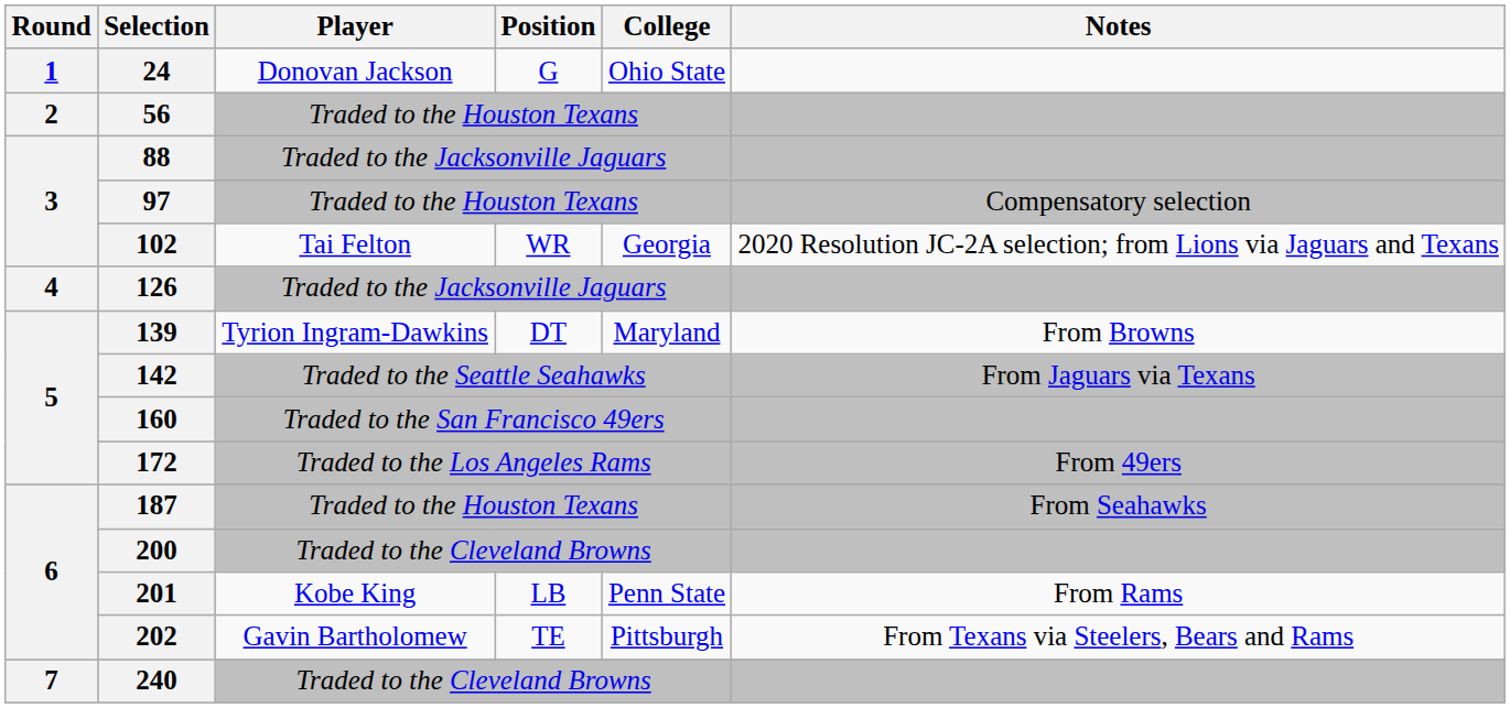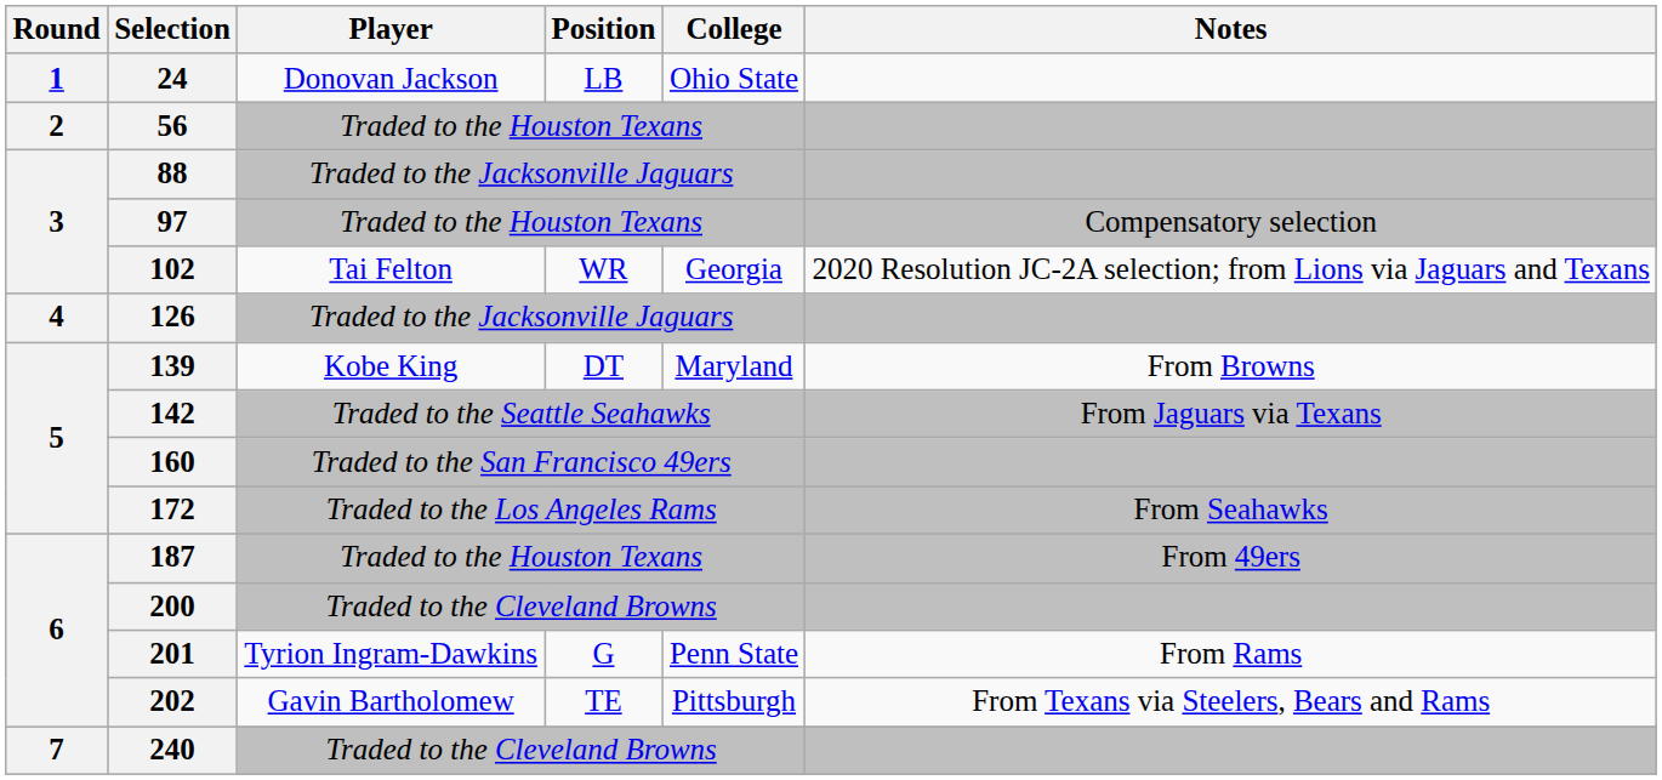 <table class="wikitable" style="text-align:center">
 <tr>
 <th>Round</th>
 <th>Selection</th>
 <th>Player</th>
 <th>Position</th>
 <th>College</th>
 <th>Notes</th>
 </tr>
 <tr>
 <th><a href='#'>1</a></th>
 <th>24</th>
 <td><a href='#'>Donovan Jackson</a></td>
-<td><a href='#'>G</a></td>
+<td><a href='#'>LB</a></td>
 <td><a href='#'>Ohio State</a></td>
 <td></td>
 </tr>
 <tr>
 <th>2</th>
 <th>56</th>
 <td colspan="3" style="background:#BFBFBF"><em>Traded to the <a href='#'>Houston Texans</a></em></td>
 <td style="background:#BFBFBF"></td>
 </tr>
 <tr>
 <th rowspan="3">3</th>
 <th>88</th>
 <td colspan="3" style="background:#BFBFBF"><em>Traded to the <a href='#'>Jacksonville Jaguars</a></em></td>
 <td style="background:#BFBFBF"></td>
 </tr>
 <tr>
 <th>97</th>
 <td colspan="3" style="background:#BFBFBF"><em>Traded to the <a href='#'>Houston Texans</a></em></td>
 <td style="background:#BFBFBF">Compensatory selection</td>
 </tr>
 <tr>
 <th>102</th>
 <td><a href='#'>Tai Felton</a></td>
 <td><a href='#'>WR</a></td>
 <td><a href='#'>Georgia</a></td>
 <td>2020 Resolution JC-2A selection; from <a href='#'>Lions</a> via <a href='#'>Jaguars</a> and <a href='#'>Texans</a></td>
 </tr>
 <tr>
 <th>4</th>
 <th>126</th>
 <td colspan="3" style="background:#BFBFBF"><em>Traded to the <a href='#'>Jacksonville Jaguars</a></em></td>
 <td style="background:#BFBFBF"></td>
 </tr>
 <tr>
 <th rowspan="4">5</th>
 <th>139</th>
-<td><a href='#'>Tyrion Ingram-Dawkins</a></td>
+<td><a href='#'>Kobe King</a></td>
 <td><a href='#'>DT</a></td>
 <td><a href='#'>Maryland</a></td>
 <td>From <a href='#'>Browns</a></td>
 </tr>
 <tr>
 <th>142</th>
 <td colspan="3" style="background:#BFBFBF"><em>Traded to the <a href='#'>Seattle Seahawks</a></em></td>
 <td style="background:#BFBFBF">From <a href='#'>Jaguars</a> via <a href='#'>Texans</a></td>
 </tr>
 <tr>
 <th>160</th>
 <td colspan="3" style="background:#BFBFBF"><em>Traded to the <a href='#'>San Francisco 49ers</a></em></td>
 <td style="background:#BFBFBF"></td>
 </tr>
 <tr>
 <th>172</th>
 <td colspan="3" style="background:#BFBFBF"><em>Traded to the <a href='#'>Los Angeles Rams</a></em></td>
-<td style="background:#BFBFBF">From <a href='#'>49ers</a></td>
+<td style="background:#BFBFBF">From <a href='#'>Seahawks</a></td>
 </tr>
 <tr>
 <th rowspan="4">6</th>
 <th>187</th>
 <td colspan="3" style="background:#BFBFBF"><em>Traded to the <a href='#'>Houston Texans</a></em></td>
-<td style="background:#BFBFBF">From <a href='#'>Seahawks</a></td>
+<td style="background:#BFBFBF">From <a href='#'>49ers</a></td>
 </tr>
 <tr>
 <th>200</th>
 <td colspan="3" style="background:#BFBFBF"><em>Traded to the <a href='#'>Cleveland Browns</a></em></td>
 <td style="background:#BFBFBF"></td>
 </tr>
 <tr>
 <th>201</th>
-<td><a href='#'>Kobe King</a></td>
-<td><a href='#'>LB</a></td>
+<td><a href='#'>Tyrion Ingram-Dawkins</a></td>
+<td><a href='#'>G</a></td>
 <td><a href='#'>Penn State</a></td>
 <td>From <a href='#'>Rams</a></td>
 </tr>
 <tr>
 <th>202</th>
 <td><a href='#'>Gavin Bartholomew</a></td>
 <td><a href='#'>TE</a></td>
 <td><a href='#'>Pittsburgh</a></td>
 <td>From <a href='#'>Texans</a> via <a href='#'>Steelers</a>, <a href='#'>Bears</a> and <a href='#'>Rams</a></td>
 </tr>
 <tr>
 <th>7</th>
 <th>240</th>
 <td colspan="3" style="background:#BFBFBF"><em>Traded to the <a href='#'>Cleveland Browns</a></em></td>
 <td style="background:#BFBFBF"></td>
 </tr>
 </table>
